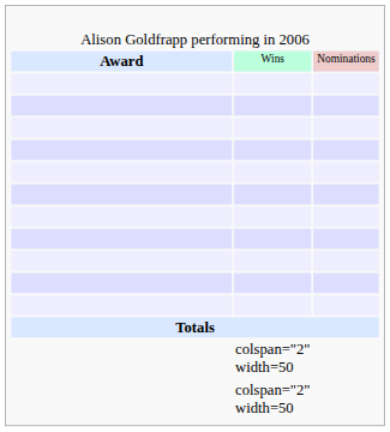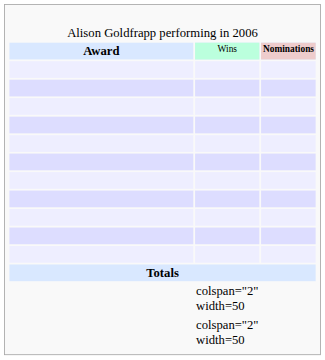 <table class="infobox" style="width: 25em; text-align: left; font-size: 90%; vertical-align: middle;">
 <tr>
 <td colspan="3" style="text-align:center;"><br>Alison Goldfrapp performing in 2006</td>
 </tr>
 <tr bgcolor=#D9E8FF style="text-align:center;">
 <th style="vertical-align: middle;">Award</th>
 <td style="background:#BFD; font-size:8pt;" width="60px">Wins</td>
-<td style="background:#eecccc; font-size:8pt;" width="60px">Nominations</td>
+<td style="background:#eecccc; font-size:8pt;" width="60px"><strong>Nominations</strong></td>
 </tr>
 <tr bgcolor=#eeeeff>
 <td align="center"><br></td>
 <td></td>
 <td></td>
 </tr>
 <tr bgcolor=#ddddff>
 <td align="center"><br></td>
 <td></td>
 <td></td>
 </tr>
 <tr bgcolor=#eeeeff>
 <td align="center"><br></td>
 <td></td>
 <td></td>
 </tr>
 <tr bgcolor=#ddddff>
 <td align="center"><br></td>
 <td></td>
 <td></td>
 </tr>
 <tr bgcolor=#eeeeff>
 <td align="center"><br></td>
 <td></td>
 <td></td>
 </tr>
 <tr bgcolor=#ddddff>
 <td align="center"><br></td>
 <td></td>
 <td></td>
 </tr>
 <tr bgcolor=#eeeeff>
 <td align="center"><br></td>
 <td></td>
 <td></td>
 </tr>
 <tr bgcolor=#ddddff>
 <td align="center"><br></td>
 <td></td>
 <td></td>
 </tr>
 <tr bgcolor=#eeeeff>
 <td align="center"><br></td>
 <td></td>
 <td></td>
 </tr>
 <tr bgcolor=#ddddff>
 <td align="center"><br></td>
 <td></td>
 <td></td>
 </tr>
 <tr bgcolor=#eeeeff>
 <td align="center"><br></td>
 <td></td>
 <td></td>
 </tr>
 <tr bgcolor=#D9E8FF>
 <td colspan="3" style="text-align:center;"><strong>Totals</strong></td>
 </tr>
 <tr>
 <td></td>
 <td>colspan="2" width=50 </td>
 </tr>
 <tr>
 <td></td>
 <td>colspan="2" width=50 </td>
 </tr>
 <tr>
 </tr>
 </table>
